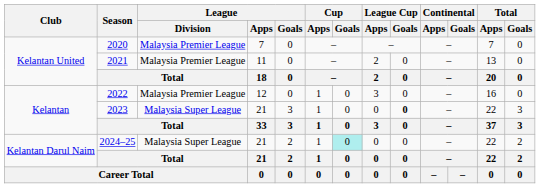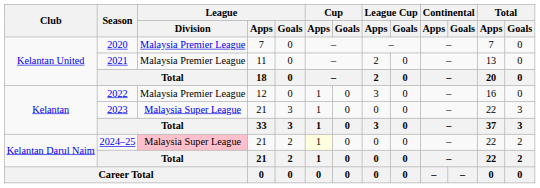 <table class=wikitable style="text-align:center">
 <tr>
 <th rowspan=2>Club</th>
 <th rowspan=2>Season</th>
 <th colspan=3>League</th>
 <th colspan=2>Cup</th>
 <th colspan=2>League Cup</th>
 <th colspan=2>Continental</th>
 <th colspan=2>Total</th>
 </tr>
 <tr>
 <th>Division</th>
 <th>Apps</th>
 <th>Goals</th>
 <th>Apps</th>
 <th>Goals</th>
 <th>Apps</th>
 <th>Goals</th>
 <th>Apps</th>
 <th>Goals</th>
 <th>Apps</th>
 <th>Goals</th>
 </tr>
 <tr>
 <td rowspan="3"><a href='#'>Kelantan United</a></td>
 <td><a href='#'>2020</a></td>
 <td><a href='#'>Malaysia Premier League</a></td>
 <td>7</td>
 <td>0</td>
 <td colspan=2>–</td>
 <td colspan=2>–</td>
 <td colspan=2>–</td>
 <td>7</td>
 <td>0</td>
 </tr>
 <tr>
 <td><a href='#'>2021</a></td>
 <td>Malaysia Premier League</td>
 <td>11</td>
 <td>0</td>
 <td colspan=2>–</td>
 <td>2</td>
 <td>0</td>
 <td colspan=2>–</td>
 <td>13</td>
 <td>0</td>
 </tr>
 <tr>
 <th colspan="2">Total</th>
 <th>18</th>
 <th>0</th>
 <th colspan=2>–</th>
 <th>2</th>
 <th>0</th>
 <th colspan=2>–</th>
 <th>20</th>
 <th>0</th>
 </tr>
 <tr>
 <td rowspan="3"><a href='#'>Kelantan</a></td>
 <td><a href='#'>2022</a></td>
 <td>Malaysia Premier League</td>
 <td>12</td>
 <td>0</td>
 <td>1</td>
 <td>0</td>
 <td>3</td>
 <td>0</td>
 <td colspan=2>–</td>
 <td>16</td>
 <td>0</td>
 </tr>
 <tr>
 <td><a href='#'>2023</a></td>
 <td><a href='#'>Malaysia Super League</a></td>
 <td>21</td>
 <td>3</td>
 <td>1</td>
 <td>0</td>
 <td>0</td>
-<td><strong>0</strong></td>
+<td>0</td>
 <td colspan=2>–</td>
 <td>22</td>
 <td>3</td>
 </tr>
 <tr>
 <th colspan="2">Total</th>
 <th>33</th>
 <th>3</th>
 <th>1</th>
 <th>0</th>
 <th>3</th>
 <th>0</th>
 <th colspan=2>–</th>
 <th>37</th>
 <th>3</th>
 </tr>
 <tr>
 <td rowspan="2"><a href='#'>Kelantan Darul Naim</a></td>
 <td><a href='#'>2024–25</a></td>
-<td>Malaysia Super League</td>
+<td style="background: pink;">Malaysia Super League</td>
 <td>21</td>
 <td>2</td>
-<td>1</td>
-<td style="background: paleturquoise;">0</td>
+<td style="background: lightyellow;">1</td>
+<td>0</td>
 <td>0</td>
 <td>0</td>
 <td colspan=2>–</td>
 <td>22</td>
 <td>2</td>
 </tr>
 <tr>
 <th colspan="2">Total</th>
 <th>21</th>
 <th>2</th>
 <th>1</th>
 <th>0</th>
 <th>0</th>
 <th>0</th>
 <th colspan=2>–</th>
 <th>22</th>
 <th>2</th>
 </tr>
 <tr>
 <th colspan="3">Career Total</th>
 <th>0</th>
 <th>0</th>
 <th>0</th>
 <th>0</th>
 <th>0</th>
 <th>0</th>
 <th>–</th>
 <th>–</th>
 <th>0</th>
 <th>0</th>
 </tr>
 </table>
